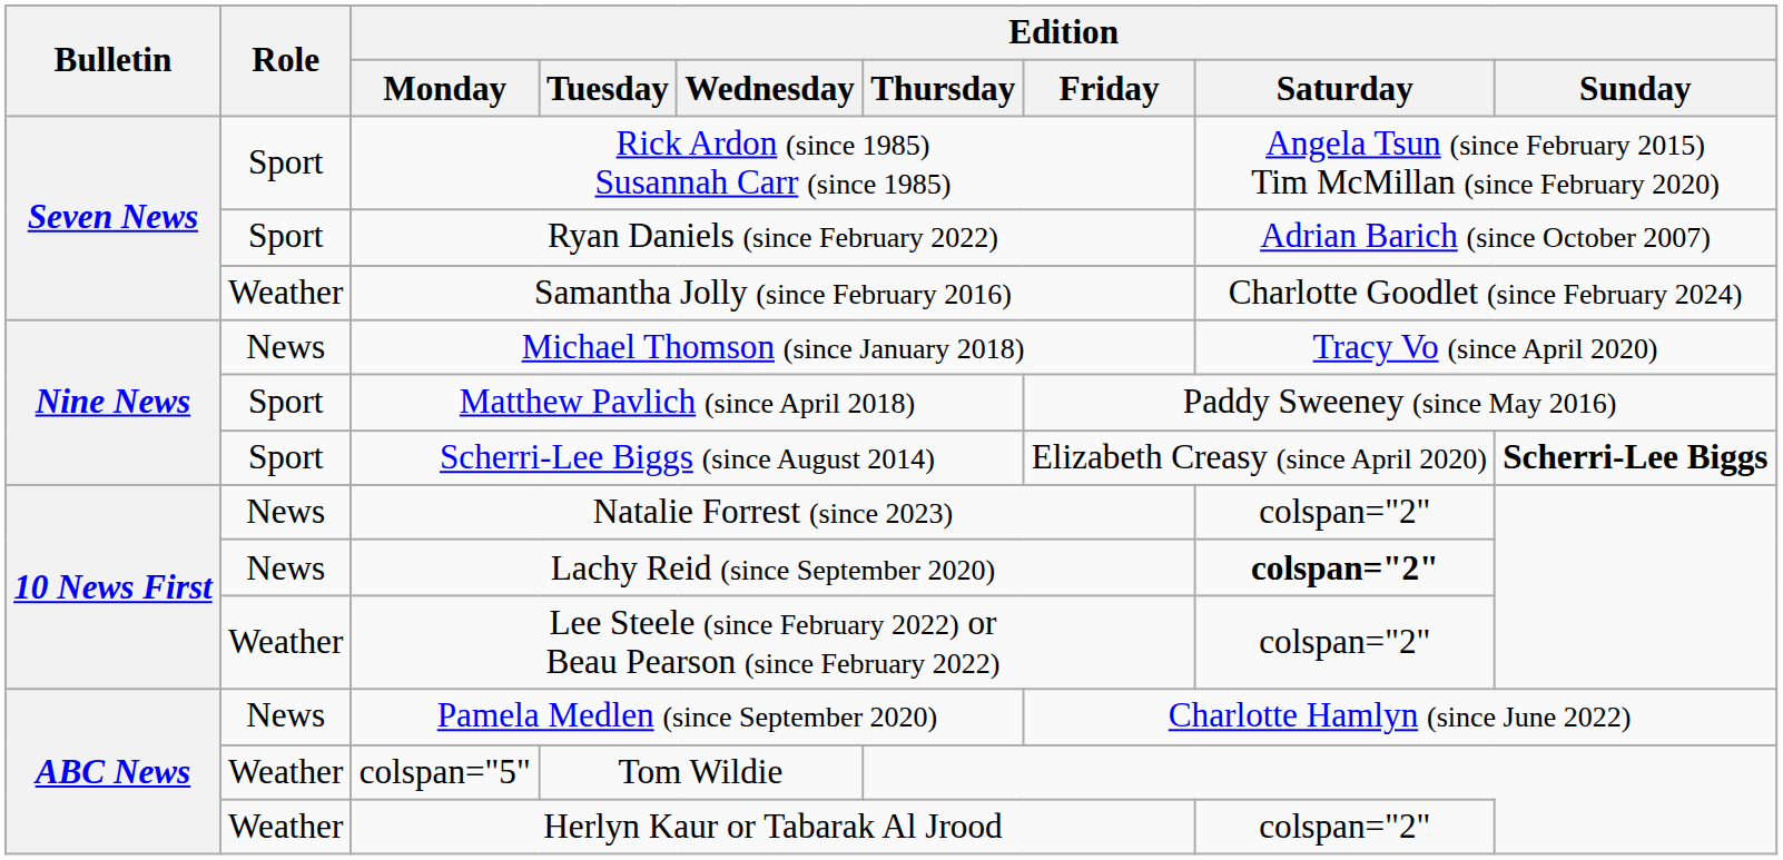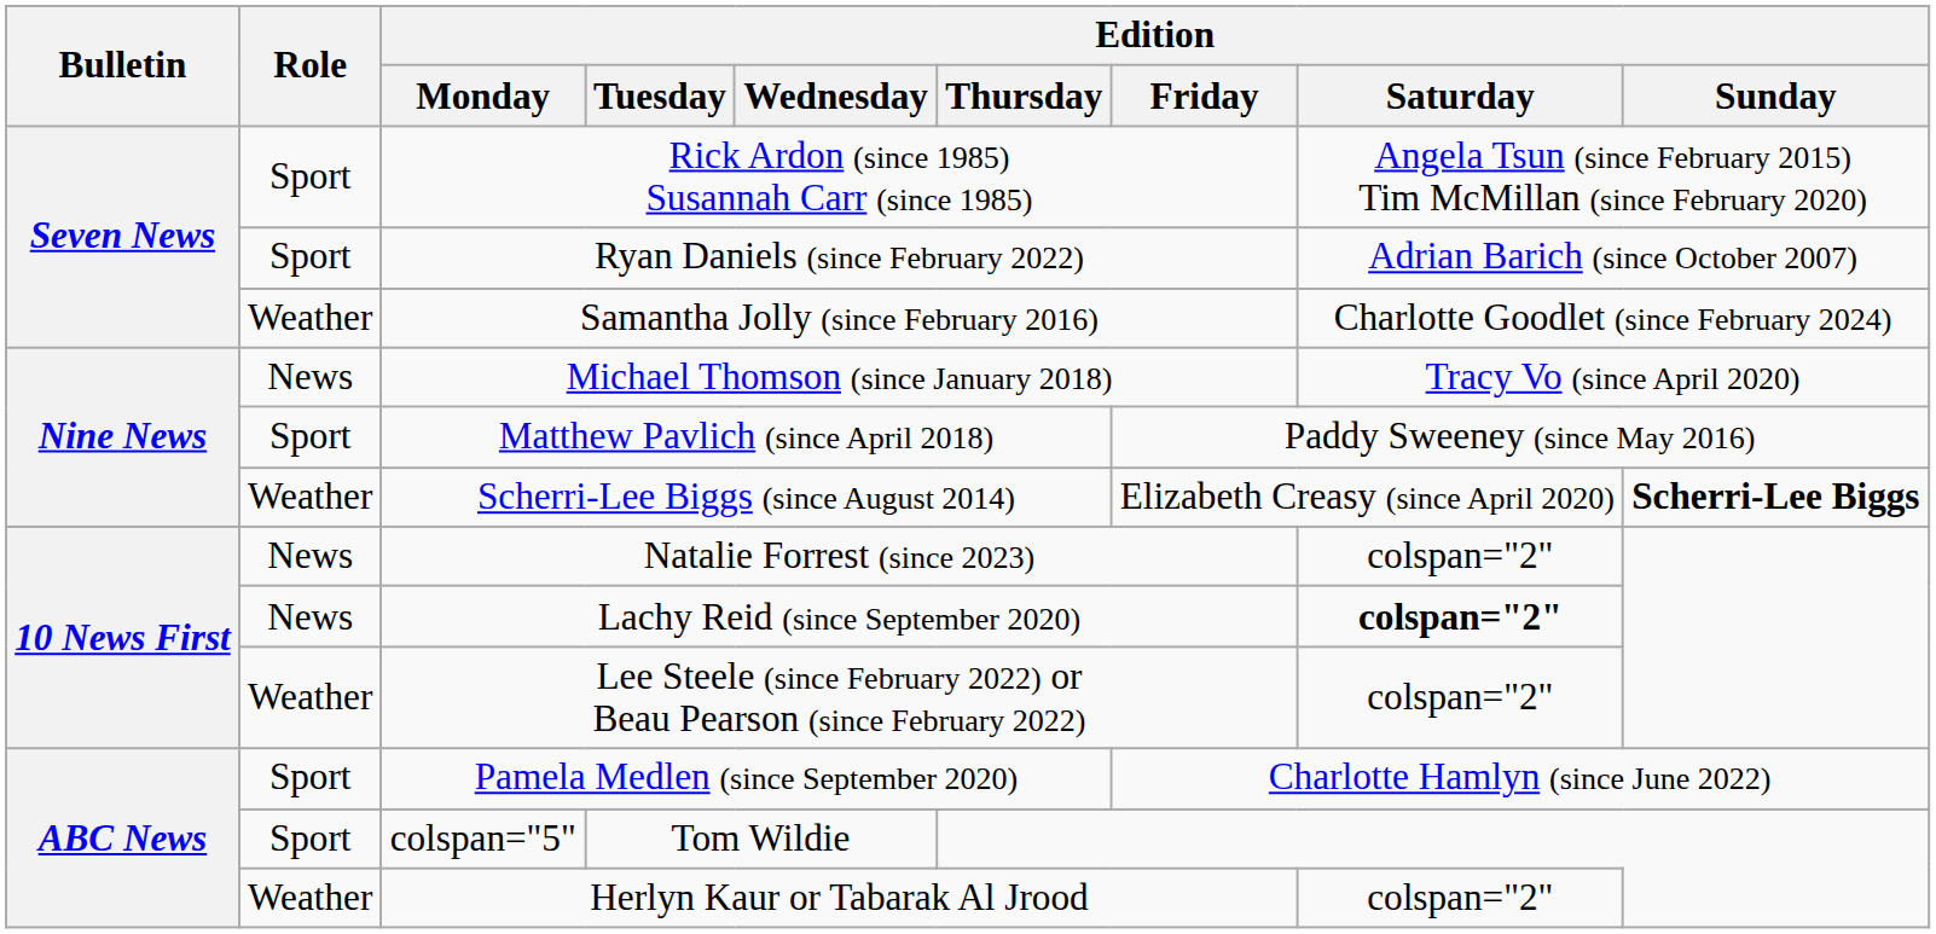 <table class="wikitable plainrowheaders"  style="text-align:center;">
 <tr>
 <th scope="col" rowspan="2">Bulletin</th>
 <th scope="col" rowspan="2">Role</th>
 <th scope="col" colspan="7">Edition</th>
 </tr>
 <tr>
 <th scope="col">Monday</th>
 <th scope="col">Tuesday</th>
 <th scope="col">Wednesday</th>
 <th scope="col">Thursday</th>
 <th scope="col">Friday</th>
 <th scope="col">Saturday</th>
 <th scope="col">Sunday</th>
 </tr>
 <tr>
 <th scope="row" rowspan="3"><em><a href='#'>Seven News</a></em></th>
 <td>Sport</td>
 <td colspan="5"><a href='#'>Rick Ardon</a> <small>(since 1985)</small><br><a href='#'>Susannah Carr</a> <small>(since 1985)</small></td>
 <td colspan="2"><a href='#'>Angela Tsun</a> <small>(since February 2015)</small><br>Tim McMillan <small>(since February 2020)</small></td>
 </tr>
 <tr>
 <td>Sport</td>
 <td colspan="5">Ryan Daniels <small>(since February 2022)</small></td>
 <td colspan="2"><a href='#'>Adrian Barich</a> <small>(since October 2007)</small></td>
 </tr>
 <tr>
 <td>Weather</td>
 <td colspan="5">Samantha Jolly <small>(since February 2016)</small></td>
 <td colspan="2">Charlotte Goodlet <small>(since February 2024)</small></td>
 </tr>
 <tr>
 <th scope="row" rowspan="3"><em><a href='#'>Nine News</a></em></th>
 <td>News</td>
 <td colspan="5"><a href='#'>Michael Thomson</a> <small>(since January 2018)</small></td>
 <td colspan="2"><a href='#'>Tracy Vo</a> <small>(since April 2020)</small></td>
 </tr>
 <tr>
 <td>Sport</td>
 <td colspan="4"><a href='#'>Matthew Pavlich</a> <small>(since April 2018)</small></td>
 <td colspan="3">Paddy Sweeney <small>(since May 2016)</small></td>
 </tr>
 <tr>
-<td>Sport</td>
+<td>Weather</td>
 <td colspan="4"><a href='#'>Scherri-Lee Biggs</a> <small>(since August 2014)</small></td>
 <td colspan="2">Elizabeth Creasy <small>(since April 2020)</small></td>
 <td><strong>Scherri-Lee Biggs</strong></td>
 </tr>
 <tr>
 <th scope="row" rowspan="3"><em><a href='#'>10 News First</a></em></th>
 <td>News</td>
 <td colspan="5">Natalie Forrest <small>(since 2023)</small></td>
 <td>colspan="2" </td>
 </tr>
 <tr>
 <td>News</td>
 <td colspan="5">Lachy Reid <small>(since September 2020)</small></td>
 <td><strong>colspan="2" </strong></td>
 </tr>
 <tr>
 <td>Weather</td>
 <td colspan="5">Lee Steele <small>(since February 2022)</small> or<br> Beau Pearson <small>(since February 2022)</small></td>
 <td>colspan="2" </td>
 </tr>
 <tr>
 <th scope="row" rowspan="3"><em><a href='#'>ABC News</a></em></th>
-<td>News</td>
+<td>Sport</td>
 <td colspan="4"><a href='#'>Pamela Medlen</a> <small>(since September 2020)</small></td>
 <td colspan="3"><a href='#'>Charlotte Hamlyn</a> <small>(since June 2022)</small></td>
 </tr>
 <tr>
-<td>Weather</td>
+<td>Sport</td>
 <td>colspan="5" </td>
 <td colspan="2">Tom Wildie</td>
 </tr>
 <tr>
 <td>Weather</td>
 <td colspan="5">Herlyn Kaur or Tabarak Al Jrood</td>
 <td>colspan="2" </td>
 </tr>
 </table>
